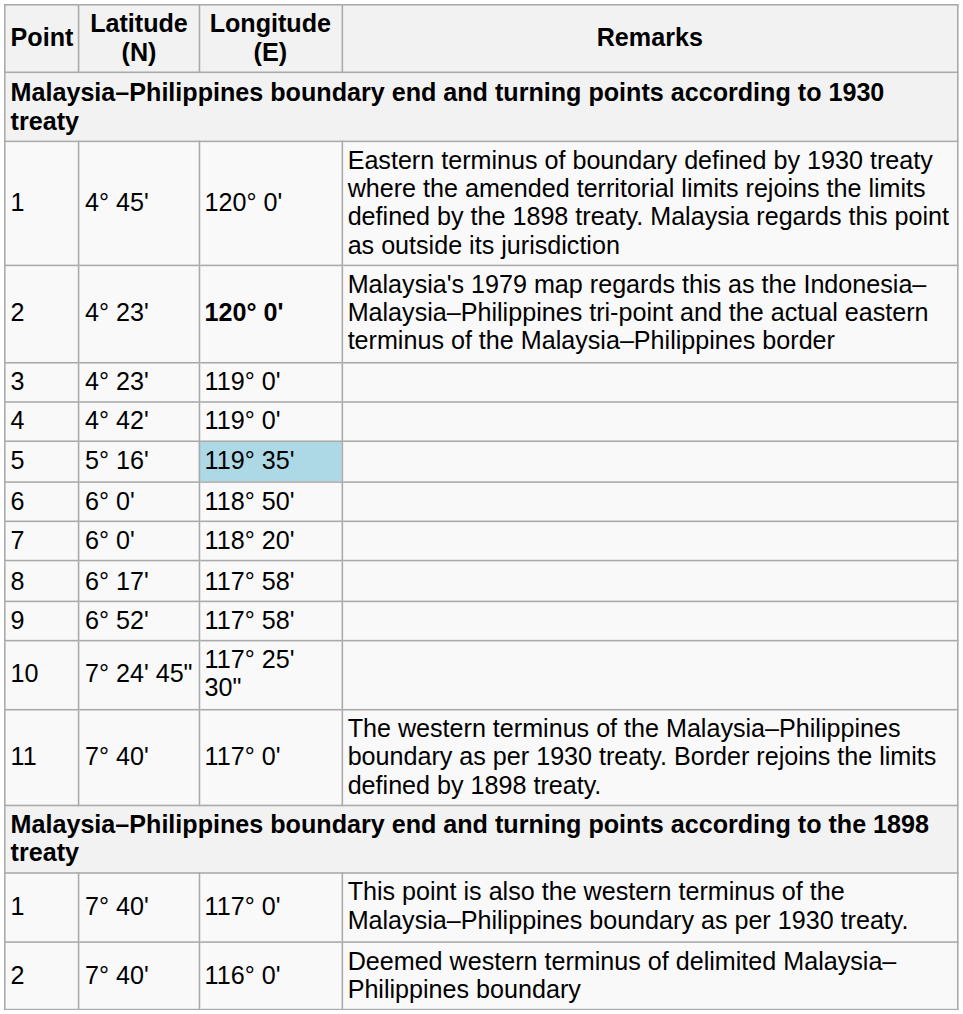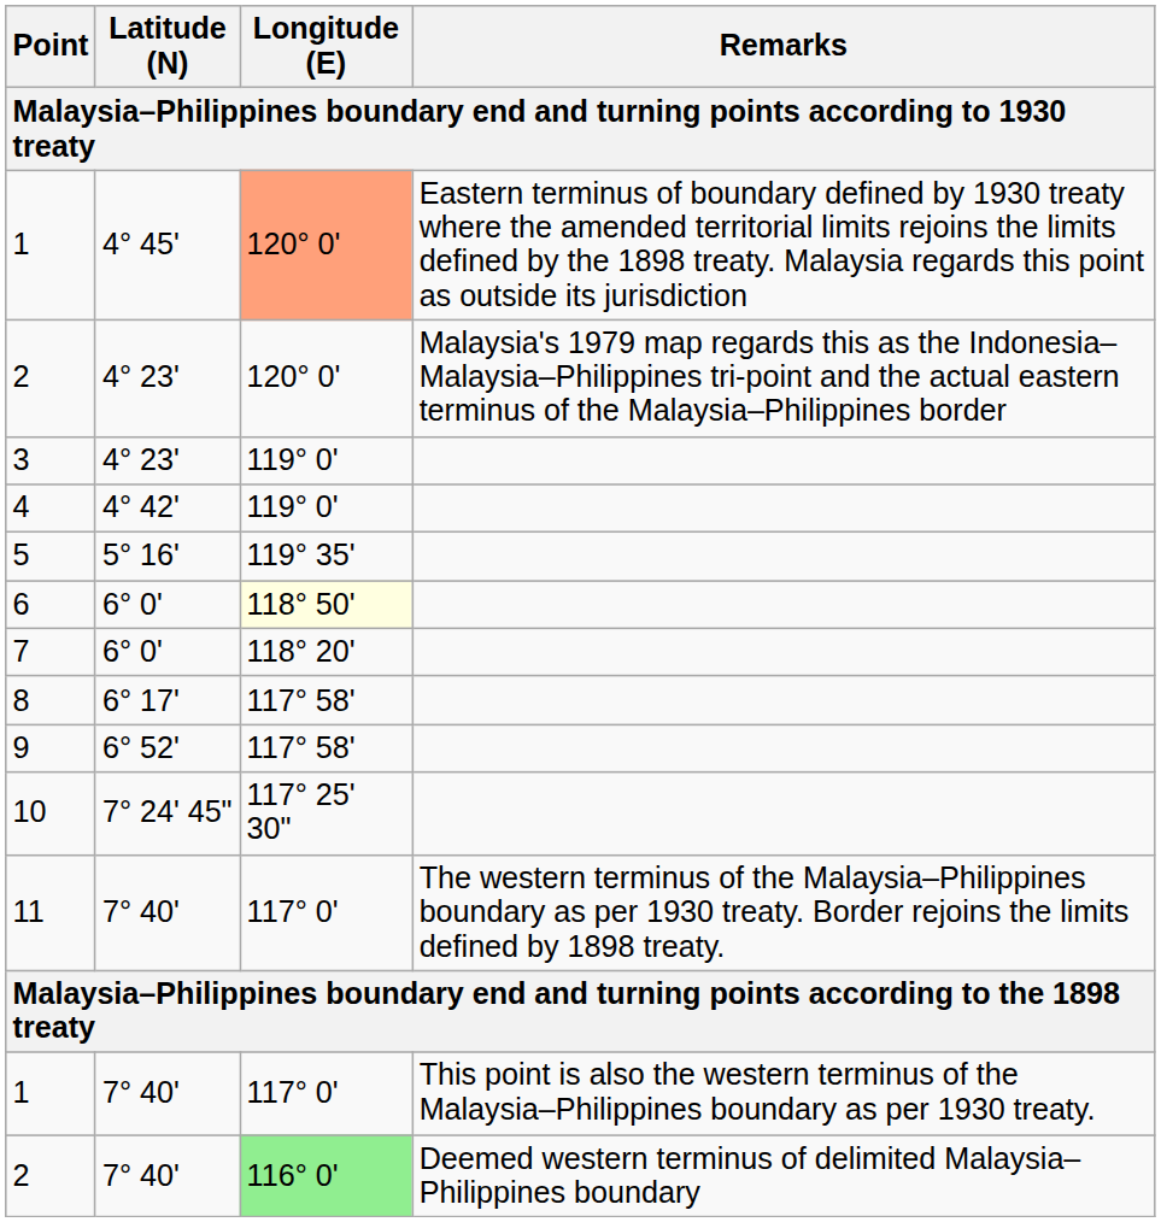 <table class="wikitable">
 <tr>
 <th>Point</th>
 <th>Latitude (N)</th>
 <th>Longitude (E)</th>
 <th>Remarks</th>
 </tr>
 <tr>
 <th colspan="5" style="text-align:left">Malaysia–Philippines boundary end and turning points according to 1930 treaty</th>
 </tr>
 <tr>
 <td>1</td>
 <td>4° 45'</td>
-<td>120° 0'</td>
+<td style="background: lightsalmon;">120° 0'</td>
 <td>Eastern terminus of boundary defined by 1930 treaty where the amended territorial limits rejoins the limits defined by the 1898 treaty. Malaysia regards this point as outside its jurisdiction</td>
 </tr>
 <tr>
 <td>2</td>
 <td>4° 23'</td>
-<td><strong>120° 0'</strong></td>
+<td>120° 0'</td>
 <td>Malaysia's 1979 map regards this as the Indonesia–Malaysia–Philippines tri-point and the actual eastern terminus of the Malaysia–Philippines border</td>
 </tr>
 <tr>
 <td>3</td>
 <td>4° 23'</td>
 <td>119° 0'</td>
 <td></td>
 </tr>
 <tr>
 <td>4</td>
 <td>4° 42'</td>
 <td>119° 0'</td>
 <td></td>
 </tr>
 <tr>
 <td>5</td>
 <td>5° 16'</td>
-<td style="background: lightblue;">119° 35'</td>
+<td>119° 35'</td>
 <td></td>
 </tr>
 <tr>
 <td>6</td>
 <td>6° 0'</td>
-<td>118° 50'</td>
+<td style="background: lightyellow;">118° 50'</td>
 <td></td>
 </tr>
 <tr>
 <td>7</td>
 <td>6° 0'</td>
 <td>118° 20'</td>
 <td></td>
 </tr>
 <tr>
 <td>8</td>
 <td>6° 17'</td>
 <td>117° 58'</td>
 <td></td>
 </tr>
 <tr>
 <td>9</td>
 <td>6° 52'</td>
 <td>117° 58'</td>
 <td></td>
 </tr>
 <tr>
 <td>10</td>
 <td>7° 24' 45"</td>
 <td>117° 25' 30"</td>
 <td></td>
 </tr>
 <tr>
 <td>11</td>
 <td>7° 40'</td>
 <td>117° 0'</td>
 <td>The western terminus of the Malaysia–Philippines boundary as per 1930 treaty. Border rejoins the limits defined by 1898 treaty.</td>
 </tr>
 <tr>
 <th colspan="5" style="text-align:left">Malaysia–Philippines boundary end and turning points according to the 1898 treaty</th>
 </tr>
 <tr>
 <td>1</td>
 <td>7° 40'</td>
 <td>117° 0'</td>
 <td>This point is also the western terminus of the Malaysia–Philippines boundary as per 1930 treaty.</td>
 </tr>
 <tr>
 <td>2</td>
 <td>7° 40'</td>
-<td>116° 0'</td>
+<td style="background: lightgreen;">116° 0'</td>
 <td>Deemed western terminus of delimited Malaysia–Philippines boundary</td>
 </tr>
 </table>
